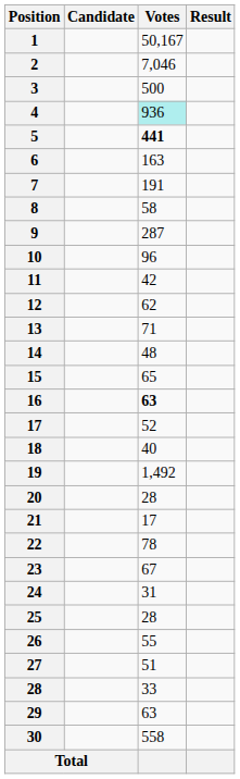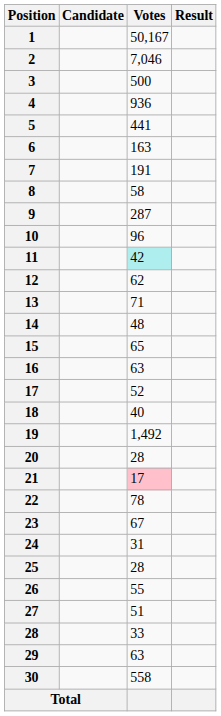 <table class="wikitable sortable col3right">
 <tr>
 <th scope="col">Position</th>
 <th scope="col">Candidate</th>
 <th scope="col">Votes</th>
 <th scope="col">Result</th>
 </tr>
 <tr>
 <th scope="row">1</th>
 <td></td>
 <td>50,167</td>
 <td></td>
 </tr>
 <tr>
 <th scope="row">2</th>
 <td></td>
 <td>7,046</td>
 <td></td>
 </tr>
 <tr>
 <th scope="row">3</th>
 <td></td>
 <td>500</td>
 <td></td>
 </tr>
 <tr>
 <th scope="row">4</th>
 <td></td>
-<td style="background: paleturquoise;">936</td>
+<td>936</td>
 <td></td>
 </tr>
 <tr>
 <th scope="row">5</th>
 <td></td>
-<td><strong>441</strong></td>
+<td>441</td>
 <td></td>
 </tr>
 <tr>
 <th scope="row">6</th>
 <td></td>
 <td>163</td>
 <td></td>
 </tr>
 <tr>
 <th scope="row">7</th>
 <td></td>
 <td>191</td>
 <td></td>
 </tr>
 <tr>
 <th scope="row">8</th>
 <td></td>
 <td>58</td>
 <td></td>
 </tr>
 <tr>
 <th scope="row">9</th>
 <td></td>
 <td>287</td>
 <td></td>
 </tr>
 <tr>
 <th scope="row">10</th>
 <td></td>
 <td>96</td>
 <td></td>
 </tr>
 <tr>
 <th scope="row">11</th>
 <td></td>
-<td>42</td>
+<td style="background: paleturquoise;">42</td>
 <td></td>
 </tr>
 <tr>
 <th scope="row">12</th>
 <td></td>
 <td>62</td>
 <td></td>
 </tr>
 <tr>
 <th scope="row">13</th>
 <td></td>
 <td>71</td>
 <td></td>
 </tr>
 <tr>
 <th scope="row">14</th>
 <td></td>
 <td>48</td>
 <td></td>
 </tr>
 <tr>
 <th scope="row">15</th>
 <td></td>
 <td>65</td>
 <td></td>
 </tr>
 <tr>
 <th scope="row">16</th>
 <td></td>
-<td><strong>63</strong></td>
+<td>63</td>
 <td></td>
 </tr>
 <tr>
 <th scope="row">17</th>
 <td></td>
 <td>52</td>
 <td></td>
 </tr>
 <tr>
 <th scope="row">18</th>
 <td></td>
 <td>40</td>
 <td></td>
 </tr>
 <tr>
 <th scope="row">19</th>
 <td></td>
 <td>1,492</td>
 <td></td>
 </tr>
 <tr>
 <th scope="row">20</th>
 <td></td>
 <td>28</td>
 <td></td>
 </tr>
 <tr>
 <th scope="row">21</th>
 <td></td>
-<td>17</td>
+<td style="background: pink;">17</td>
 <td></td>
 </tr>
 <tr>
 <th scope="row">22</th>
 <td></td>
 <td>78</td>
 <td></td>
 </tr>
 <tr>
 <th scope="row">23</th>
 <td></td>
 <td>67</td>
 <td></td>
 </tr>
 <tr>
 <th scope="row">24</th>
 <td></td>
 <td>31</td>
 <td></td>
 </tr>
 <tr>
 <th scope="row">25</th>
 <td></td>
 <td>28</td>
 <td></td>
 </tr>
 <tr>
 <th scope="row">26</th>
 <td></td>
 <td>55</td>
 <td></td>
 </tr>
 <tr>
 <th scope="row">27</th>
 <td></td>
 <td>51</td>
 <td></td>
 </tr>
 <tr>
 <th scope="row">28</th>
 <td></td>
 <td>33</td>
 <td></td>
 </tr>
 <tr>
 <th scope="row">29</th>
 <td></td>
 <td>63</td>
 <td></td>
 </tr>
 <tr>
 <th scope="row">30</th>
 <td></td>
 <td>558</td>
 <td></td>
 </tr>
 <tr class="sortbottom">
 <th scope="row" colspan="2">Total</th>
 <th></th>
 <th></th>
 </tr>
 </table>
